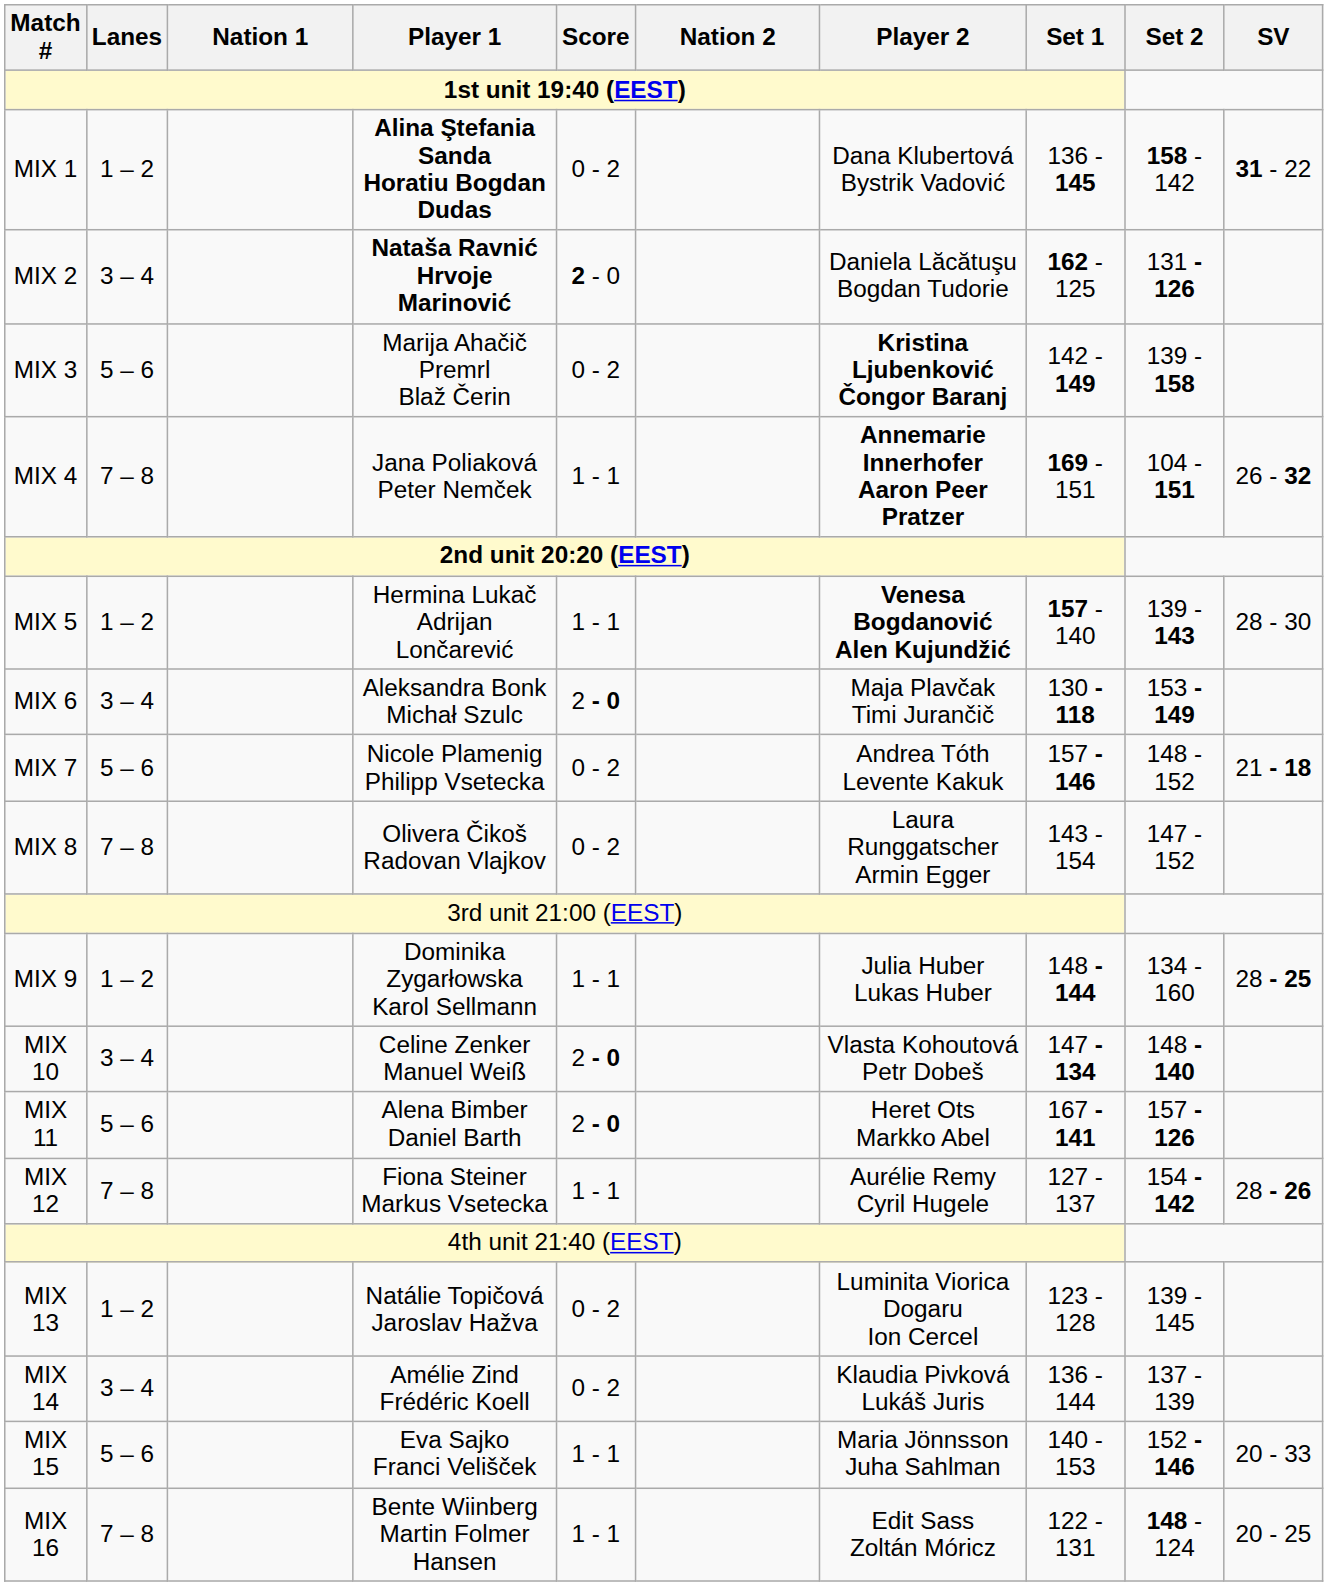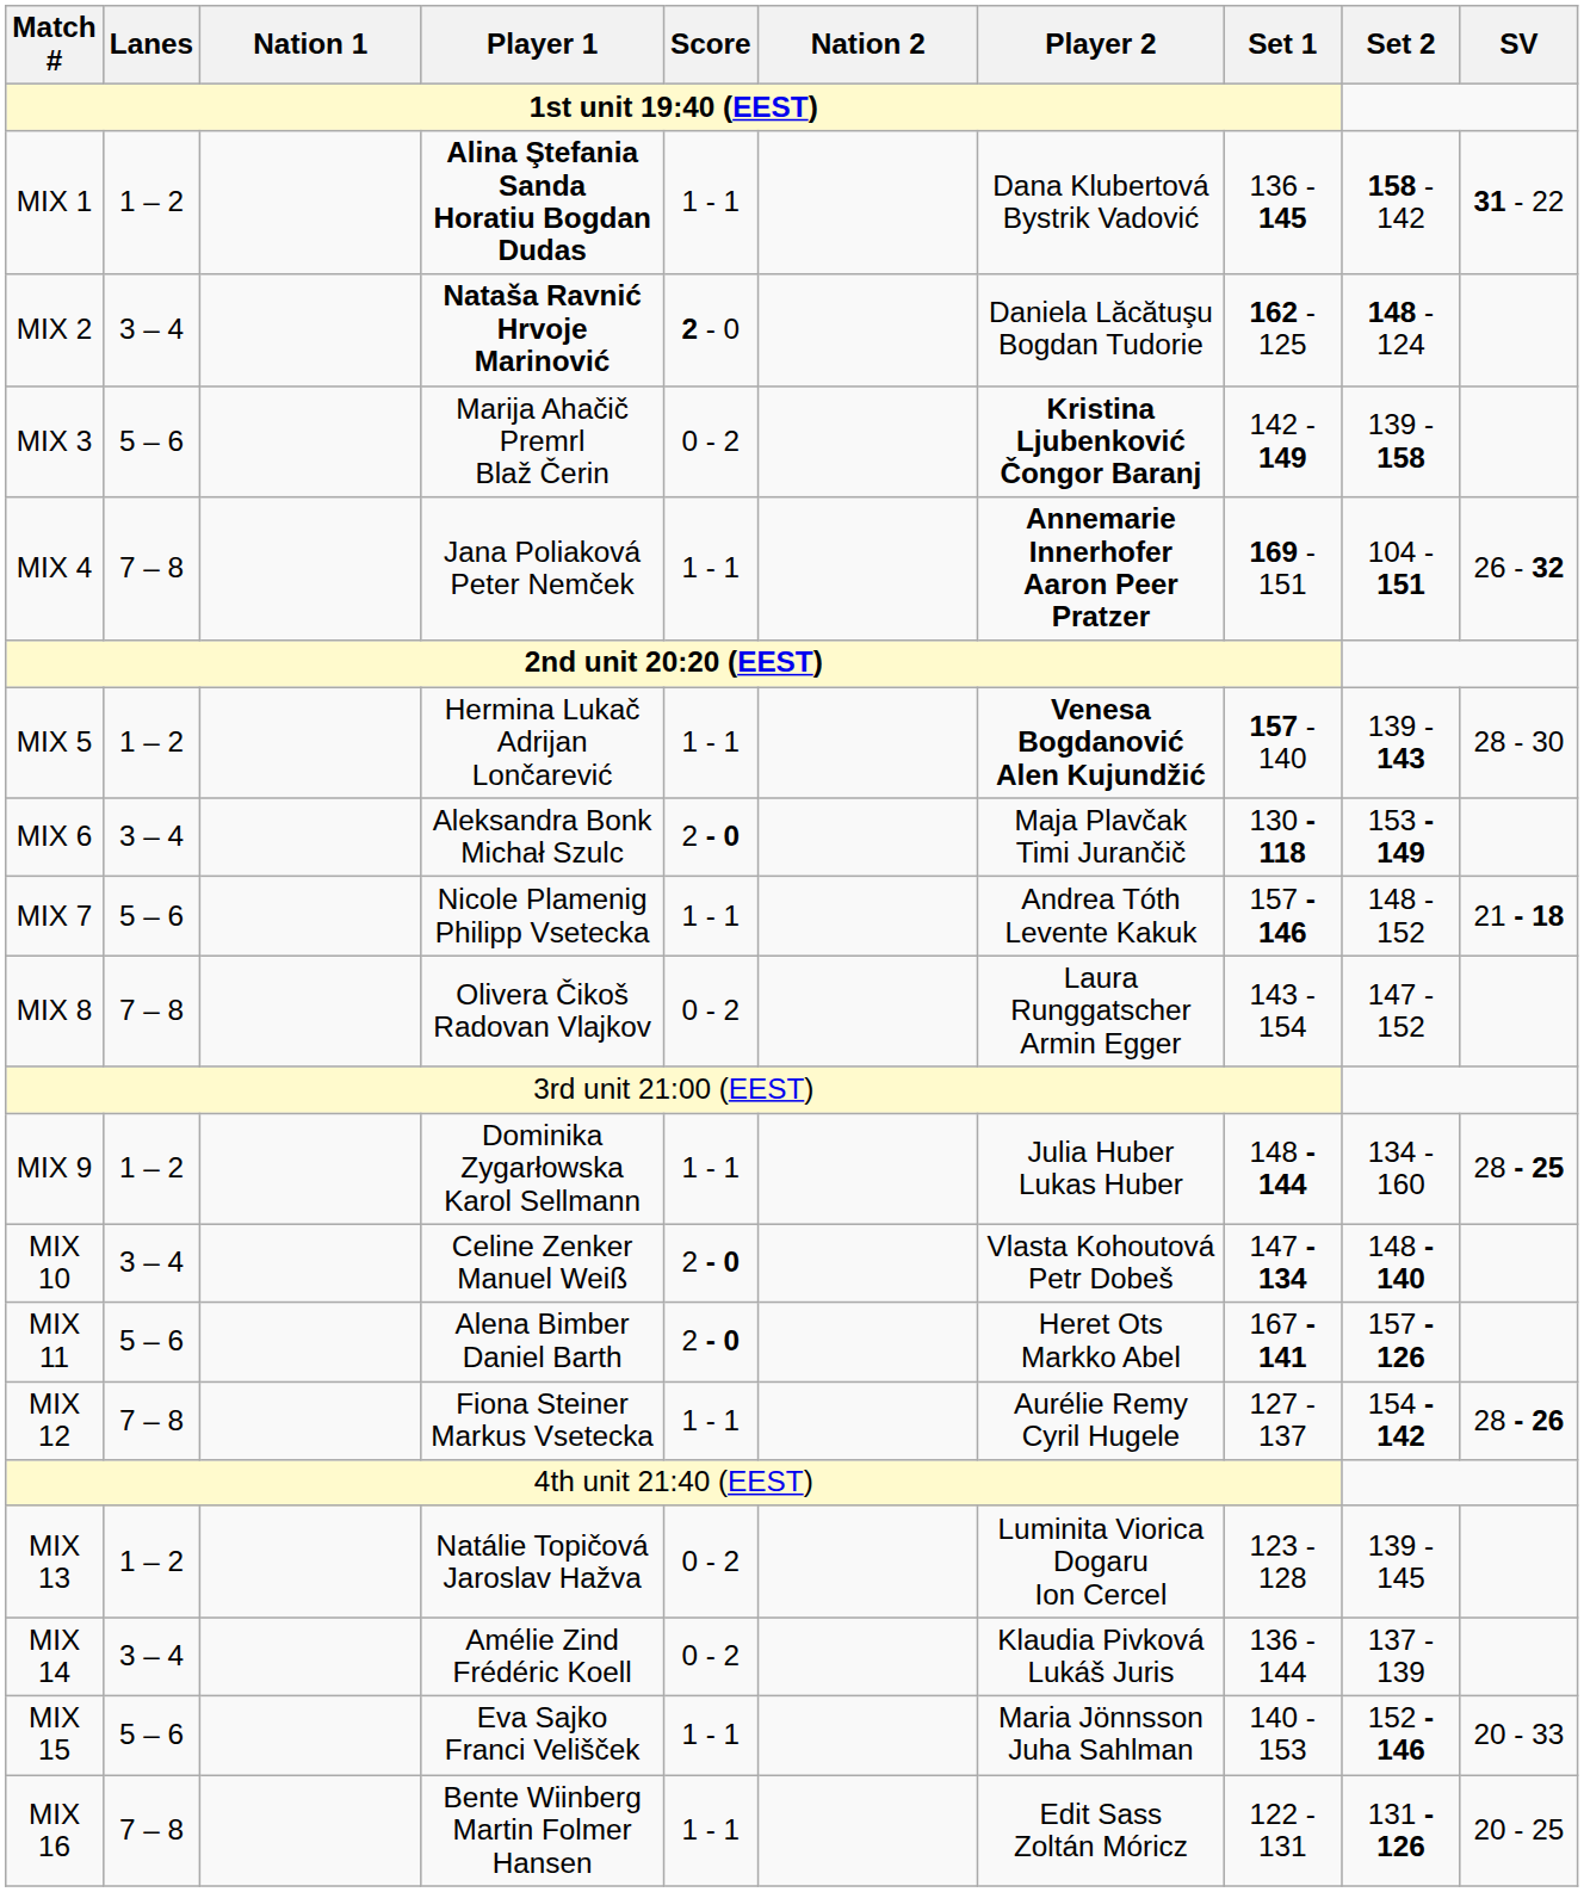 <table class="wikitable">
 <tr>
 <th width="5%">Match #</th>
 <th width="4%">Lanes</th>
 <th width="15%">Nation 1</th>
 <th width="16%">Player 1</th>
 <th width="5%">Score</th>
 <th width="15%">Nation 2</th>
 <th width="16%">Player 2</th>
 <th width="8%">Set 1</th>
 <th width="8%">Set 2</th>
 <th width="8%">SV</th>
 </tr>
 <tr>
 <td colspan="8" style="text-align:center; background-color:#FFFACD"><strong>1st unit 19:40 (<a href='#'>EEST</a>)</strong></td>
 </tr>
 <tr style=text-align:center;"background:#;">
 <td>MIX 1</td>
 <td>1 – 2</td>
 <td></td>
 <td><strong>Alina Ştefania Sanda <br> Horatiu Bogdan Dudas</strong></td>
-<td>0 - 2</td>
+<td>1 - 1</td>
 <td></td>
 <td>Dana Klubertová <br> Bystrik Vadović</td>
 <td>136 - <strong>145</strong></td>
 <td><strong>158</strong> - 142</td>
 <td><strong>31</strong> - 22</td>
 </tr>
 <tr style=text-align:center;"background:#;">
 <td>MIX 2</td>
 <td>3 – 4</td>
 <td></td>
 <td><strong>Nataša Ravnić <br> Hrvoje Marinović</strong></td>
 <td><strong>2</strong> - 0</td>
 <td></td>
 <td>Daniela Lăcătuşu <br> Bogdan Tudorie</td>
 <td><strong>162</strong> - 125</td>
-<td></strong>131<strong> - 126</td>
+<td><strong>148</strong> - 124</td>
 <td></td>
 </tr>
 <tr style=text-align:center;"background:#;">
 <td>MIX 3</td>
 <td>5 – 6</td>
 <td></td>
 <td>Marija Ahačič Premrl <br> Blaž Čerin</td>
 <td>0 - 2</td>
 <td></td>
 <td><strong>Kristina Ljubenković <br> Čongor Baranj</strong></td>
 <td>142 - <strong>149</strong></td>
 <td>139 - <strong>158</strong></td>
 <td></td>
 </tr>
 <tr style=text-align:center;"background:#;">
 <td>MIX 4</td>
 <td>7 – 8</td>
 <td></td>
 <td>Jana Poliaková <br> Peter Nemček</td>
 <td>1 - 1</td>
 <td></td>
 <td><strong>Annemarie Innerhofer <br> Aaron Peer Pratzer</strong></td>
 <td><strong>169</strong> - 151</td>
 <td>104 - <strong>151</strong></td>
 <td>26 - <strong>32</strong></td>
 </tr>
 <tr>
 <td colspan="8" style="text-align:center; background-color:#FFFACD"><strong>2nd unit 20:20 (<a href='#'>EEST</a>)</strong></td>
 </tr>
 <tr style=text-align:center;"background:#;">
 <td>MIX 5</td>
 <td>1 – 2</td>
 <td></td>
 <td>Hermina Lukač <br> Adrijan Lončarević</td>
 <td>1 - 1</td>
 <td></td>
 <td><strong>Venesa Bogdanović <br> Alen Kujundžić</strong></td>
 <td><strong>157</strong> - 140</td>
 <td>139 - <strong>143<em></td>
 <td>28 - </strong>30<strong></td>
 </tr>
 <tr style=text-align:center;"background:#;">
 <td>MIX 6</td>
 <td>3 – 4</td>
 <td></td>
 <td></strong>Aleksandra Bonk <br> Michał Szulc<strong></td>
 <td></strong>2<strong> - 0</td>
 <td></td>
 <td>Maja Plavčak <br> Timi Jurančič</td>
 <td></strong>130<strong> - 118</td>
 <td></strong>153<strong> - 149</td>
 <td></td>
 </tr>
 <tr style=text-align:center;"background:#;">
 <td>MIX 7</td>
 <td>5 – 6</td>
 <td></td>
 <td></strong>Nicole Plamenig <br> Philipp Vsetecka<strong></td>
-<td>0 - 2</td>
+<td>1 - 1</td>
 <td></td>
 <td>Andrea Tóth <br> Levente Kakuk</td>
 <td></strong>157<strong> - 146</td>
 <td>148 - </strong>152<strong></td>
 <td></strong>21<strong> - 18</td>
 </tr>
 <tr style=text-align:center;"background:#;">
 <td>MIX 8</td>
 <td>7 – 8</td>
 <td></td>
 <td>Olivera Čikoš <br> Radovan Vlajkov</td>
 <td>0 - </strong>2<strong></td>
 <td></td>
 <td></strong>Laura Runggatscher <br> Armin Egger<strong></td>
 <td>143 - </strong>154<strong></td>
 <td>147 - </strong>152<strong></td>
 <td></td>
 </tr>
 <tr>
 <td colspan="8" style="text-align:center; background-color:#FFFACD"></strong>3rd unit 21:00 (<a href='#'>EEST</a>)<strong></td>
 </tr>
 <tr style=text-align:center;"background:#;">
 <td>MIX 9</td>
 <td>1 – 2</td>
 <td></td>
 <td></strong>Dominika Zygarłowska <br> Karol Sellmann<strong></td>
 <td>1 - 1</td>
 <td></td>
 <td>Julia Huber <br> Lukas Huber</td>
 <td></strong>148<strong> - 144</td>
 <td>134 - </strong>160<strong></td>
 <td></strong>28<strong> - 25</td>
 </tr>
 <tr style=text-align:center;"background:#;">
 <td>MIX 10</td>
 <td>3 – 4</td>
 <td></td>
 <td></strong>Celine Zenker <br> Manuel Weiß<strong></td>
 <td></strong>2<strong> - 0</td>
 <td></td>
 <td>Vlasta Kohoutová <br> Petr Dobeš</td>
 <td></strong>147<strong> - 134</td>
 <td></strong>148<strong> - 140</td>
 <td></td>
 </tr>
 <tr style=text-align:center;"background:#;">
 <td>MIX 11</td>
 <td>5 – 6</td>
 <td></td>
 <td></strong>Alena Bimber <br> Daniel Barth<strong></td>
 <td></strong>2<strong> - 0</td>
 <td></td>
 <td>Heret Ots <br> Markko Abel</td>
 <td></strong>167<strong> - 141</td>
 <td></strong>157<strong> - 126</td>
 <td></td>
 </tr>
 <tr style=text-align:center;"background:#;">
 <td>MIX 12</td>
 <td>7 – 8</td>
 <td></td>
 <td></strong>Fiona Steiner <br> Markus Vsetecka<strong></td>
 <td>1 - 1</td>
 <td></td>
 <td>Aurélie Remy <br> Cyril Hugele</td>
 <td>127 - </strong>137<strong></td>
 <td></strong>154<strong> - 142</td>
 <td></strong>28<strong> - 26</td>
 </tr>
 <tr>
 <td colspan="8" style="text-align:center; background-color:#FFFACD"></strong>4th unit 21:40 (<a href='#'>EEST</a>)<strong></td>
 </tr>
 <tr style=text-align:center;"background:#;">
 <td>MIX 13</td>
 <td>1 – 2</td>
 <td></td>
 <td>Natálie Topičová <br> Jaroslav Hažva</td>
 <td>0 - </strong>2<strong></td>
 <td></td>
 <td></strong>Luminita Viorica Dogaru <br> Ion Cercel<strong></td>
 <td>123 - </strong>128<strong></td>
 <td>139 - </strong>145<strong></td>
 <td></td>
 </tr>
 <tr style=text-align:center;"background:#;">
 <td>MIX 14</td>
 <td>3 – 4</td>
 <td></td>
 <td>Amélie Zind <br> Frédéric Koell</td>
 <td>0 - </strong>2<strong></td>
 <td></td>
 <td></strong>Klaudia Pivková <br> Lukáš Juris<strong></td>
 <td>136 - </strong>144<strong></td>
 <td>137 - </strong>139<strong></td>
 <td></td>
 </tr>
 <tr style=text-align:center;"background:#;">
 <td>MIX 15</td>
 <td>5 – 6</td>
 <td></td>
 <td>Eva Sajko <br> Franci Velišček</td>
 <td>1 - 1</td>
 <td></td>
 <td></strong>Maria Jönnsson <br> Juha Sahlman<strong></td>
 <td>140 - </strong>153<strong></td>
 <td></strong>152<strong> - 146</td>
 <td>20 - </strong>33<strong></td>
 </tr>
 <tr style=text-align:center;"background:#;">
 <td>MIX 16</td>
 <td>7 – 8</td>
 <td></td>
 <td>Bente Wiinberg <br> Martin Folmer Hansen</td>
 <td>1 - 1</td>
 <td></td>
 <td></strong>Edit Sass <br> Zoltán Móricz<strong></td>
 <td>122 - </strong>131<strong></td>
-<td><strong>148</strong> - 124</td>
+<td></strong>131<strong> - 126</td>
 <td>20 - </strong>25<strong></td>
 </tr>
 </table>
